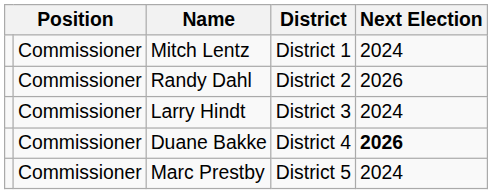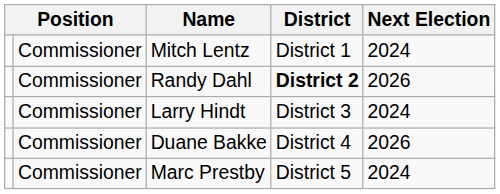 <table class="wikitable">
 <tr>
 <th colspan="2">Position</th>
 <th>Name</th>
 <th>District</th>
 <th>Next Election</th>
 </tr>
 <tr>
 <td></td>
 <td>Commissioner</td>
 <td>Mitch Lentz</td>
 <td>District 1</td>
 <td>2024</td>
 </tr>
 <tr>
 <td></td>
 <td>Commissioner</td>
 <td>Randy Dahl</td>
-<td>District 2</td>
+<td><strong>District 2</strong></td>
 <td>2026</td>
 </tr>
 <tr>
 <td></td>
 <td>Commissioner</td>
 <td>Larry Hindt</td>
 <td>District 3</td>
 <td>2024</td>
 </tr>
 <tr>
 <td></td>
 <td>Commissioner</td>
 <td>Duane Bakke</td>
 <td>District 4</td>
-<td><strong>2026</strong></td>
+<td>2026</td>
 </tr>
 <tr>
 <td></td>
 <td>Commissioner</td>
 <td>Marc Prestby</td>
 <td>District 5</td>
 <td>2024</td>
 </tr>
 </table>
